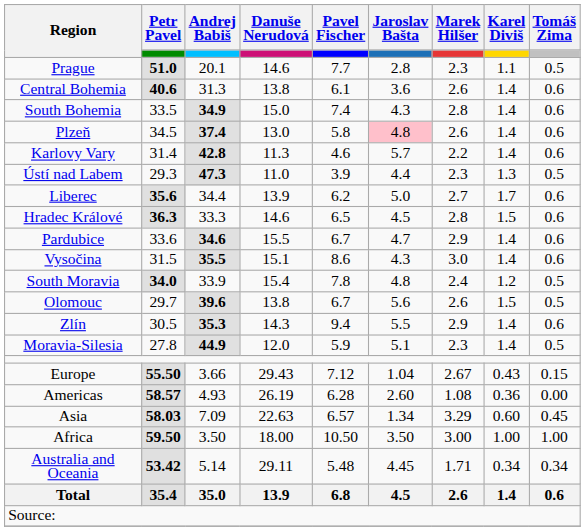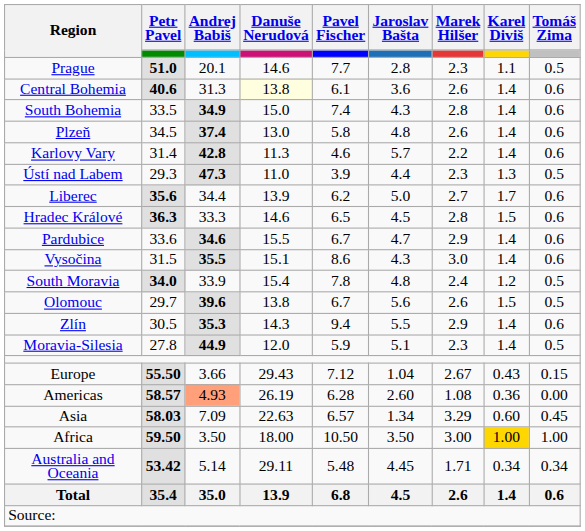 <table class="wikitable sortable" style="text-align:center; font-size:90%; line-height:13px;">
 <tr style="height:42px;">
 <th style="width:120px;" rowspan="2">Region</th>
 <th><a href='#'><span>Petr<br> Pavel</span></a></th>
 <th><a href='#'><span>Andrej<br> Babiš</span></a></th>
 <th><a href='#'><span>Danuše<br> Nerudová</span></a></th>
 <th><a href='#'><span>Pavel<br> Fischer</span></a></th>
 <th><a href='#'><span>Jaroslav<br> Bašta</span></a></th>
 <th><a href='#'><span>Marek<br> Hilšer</span></a></th>
 <th><a href='#'><span>Karel<br> Diviš</span></a></th>
 <th><a href='#'><span>Tomáš<br> Zima</span></a></th>
 </tr>
 <tr class="sorttop">
 <th style="color:inherit;background:#008B00;"></th>
 <th style="color:inherit;background:#00BFFF;"></th>
 <th style="color:inherit;background:#CD1076;"></th>
 <th style="color:inherit;background:#0000FF;"></th>
 <th style="color:inherit;background:#1D70B7;"></th>
 <th style="color:inherit;background:#E63636;"></th>
 <th style="color:inherit;background:#FFD700;"></th>
 <th style="color:inherit;background:#C0C0C0;"></th>
 </tr>
 <tr>
 <td><a href='#'>Prague</a></td>
 <td style="background:#E0E0E0;"><strong>51.0</strong></td>
 <td>20.1</td>
 <td>14.6</td>
 <td>7.7</td>
 <td>2.8</td>
 <td>2.3</td>
 <td>1.1</td>
 <td>0.5</td>
 </tr>
 <tr>
 <td><a href='#'>Central Bohemia</a></td>
 <td style="background:#E0E0E0;"><strong>40.6</strong></td>
 <td>31.3</td>
-<td>13.8</td>
+<td style="background: lightyellow;">13.8</td>
 <td>6.1</td>
 <td>3.6</td>
 <td>2.6</td>
 <td>1.4</td>
 <td>0.6</td>
 </tr>
 <tr>
 <td><a href='#'>South Bohemia</a></td>
 <td>33.5</td>
 <td style="background:#E0E0E0;"><strong>34.9</strong></td>
 <td>15.0</td>
 <td>7.4</td>
 <td>4.3</td>
 <td>2.8</td>
 <td>1.4</td>
 <td>0.6</td>
 </tr>
 <tr>
 <td><a href='#'>Plzeň</a></td>
 <td>34.5</td>
 <td style="background:#E0E0E0;"><strong>37.4</strong></td>
 <td>13.0</td>
 <td>5.8</td>
-<td style="background: pink;">4.8</td>
+<td>4.8</td>
 <td>2.6</td>
 <td>1.4</td>
 <td>0.6</td>
 </tr>
 <tr>
 <td><a href='#'>Karlovy Vary</a></td>
 <td>31.4</td>
 <td style="background:#E0E0E0;"><strong>42.8</strong></td>
 <td>11.3</td>
 <td>4.6</td>
 <td>5.7</td>
 <td>2.2</td>
 <td>1.4</td>
 <td>0.6</td>
 </tr>
 <tr>
 <td><a href='#'>Ústí nad Labem</a></td>
 <td>29.3</td>
 <td style="background:#E0E0E0;"><strong>47.3</strong></td>
 <td>11.0</td>
 <td>3.9</td>
 <td>4.4</td>
 <td>2.3</td>
 <td>1.3</td>
 <td>0.5</td>
 </tr>
 <tr>
 <td><a href='#'>Liberec</a></td>
 <td style="background:#E0E0E0;"><strong>35.6</strong></td>
 <td>34.4</td>
 <td>13.9</td>
 <td>6.2</td>
 <td>5.0</td>
 <td>2.7</td>
 <td>1.7</td>
 <td>0.6</td>
 </tr>
 <tr>
 <td><a href='#'>Hradec Králové</a></td>
 <td style="background:#E0E0E0;"><strong>36.3</strong></td>
 <td>33.3</td>
 <td>14.6</td>
 <td>6.5</td>
 <td>4.5</td>
 <td>2.8</td>
 <td>1.5</td>
 <td>0.6</td>
 </tr>
 <tr>
 <td><a href='#'>Pardubice</a></td>
 <td>33.6</td>
 <td style="background:#E0E0E0;"><strong>34.6</strong></td>
 <td>15.5</td>
 <td>6.7</td>
 <td>4.7</td>
 <td>2.9</td>
 <td>1.4</td>
 <td>0.6</td>
 </tr>
 <tr>
 <td><a href='#'>Vysočina</a></td>
 <td>31.5</td>
 <td style="background:#E0E0E0;"><strong>35.5</strong></td>
 <td>15.1</td>
 <td>8.6</td>
 <td>4.3</td>
 <td>3.0</td>
 <td>1.4</td>
 <td>0.6</td>
 </tr>
 <tr>
 <td><a href='#'>South Moravia</a></td>
 <td style="background:#E0E0E0;"><strong>34.0</strong></td>
 <td>33.9</td>
 <td>15.4</td>
 <td>7.8</td>
 <td>4.8</td>
 <td>2.4</td>
 <td>1.2</td>
 <td>0.5</td>
 </tr>
 <tr>
 <td><a href='#'>Olomouc</a></td>
 <td>29.7</td>
 <td style="background:#E0E0E0;"><strong>39.6</strong></td>
 <td>13.8</td>
 <td>6.7</td>
 <td>5.6</td>
 <td>2.6</td>
 <td>1.5</td>
 <td>0.5</td>
 </tr>
 <tr>
 <td><a href='#'>Zlín</a></td>
 <td>30.5</td>
 <td style="background:#E0E0E0;"><strong>35.3</strong></td>
 <td>14.3</td>
 <td>9.4</td>
 <td>5.5</td>
 <td>2.9</td>
 <td>1.4</td>
 <td>0.6</td>
 </tr>
 <tr>
 <td><a href='#'>Moravia-Silesia</a></td>
 <td>27.8</td>
 <td style="background:#E0E0E0;"><strong>44.9</strong></td>
 <td>12.0</td>
 <td>5.9</td>
 <td>5.1</td>
 <td>2.3</td>
 <td>1.4</td>
 <td>0.5</td>
 </tr>
 <tr>
 <td colspan=10></td>
 </tr>
 <tr>
 <td>Europe</td>
 <td style="background:#E0E0E0;"><strong>55.50</strong></td>
 <td>3.66</td>
 <td>29.43</td>
 <td>7.12</td>
 <td>1.04</td>
 <td>2.67</td>
 <td>0.43</td>
 <td>0.15</td>
 </tr>
 <tr>
 <td>Americas</td>
 <td style="background:#E0E0E0;"><strong>58.57</strong></td>
-<td>4.93</td>
+<td style="background: lightsalmon;">4.93</td>
 <td>26.19</td>
 <td>6.28</td>
 <td>2.60</td>
 <td>1.08</td>
 <td>0.36</td>
 <td>0.00</td>
 </tr>
 <tr>
 <td>Asia</td>
 <td style="background:#E0E0E0;"><strong>58.03</strong></td>
 <td>7.09</td>
 <td>22.63</td>
 <td>6.57</td>
 <td>1.34</td>
 <td>3.29</td>
 <td>0.60</td>
 <td>0.45</td>
 </tr>
 <tr>
 <td>Africa</td>
 <td style="background:#E0E0E0;"><strong>59.50</strong></td>
 <td>3.50</td>
 <td>18.00</td>
 <td>10.50</td>
 <td>3.50</td>
 <td>3.00</td>
-<td>1.00</td>
+<td style="background: gold;">1.00</td>
 <td>1.00</td>
 </tr>
 <tr>
 <td><a href='#'>Australia and Oceania</a></td>
 <td style="background:#E0E0E0;"><strong>53.42</strong></td>
 <td>5.14</td>
 <td>29.11</td>
 <td>5.48</td>
 <td>4.45</td>
 <td>1.71</td>
 <td>0.34</td>
 <td>0.34</td>
 </tr>
 <tr class="sortbottom">
 <th>Total</th>
 <th style="background:#E0E0E0;"><strong>35.4</strong></th>
 <th>35.0</th>
 <th>13.9</th>
 <th>6.8</th>
 <th>4.5</th>
 <th>2.6</th>
 <th>1.4</th>
 <th>0.6</th>
 </tr>
 <tr class="sortbottom">
 <td colspan=9 align=left>Source: </td>
 </tr>
 <tr>
 </tr>
 </table>
